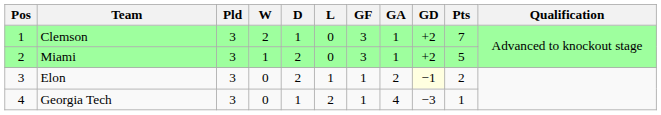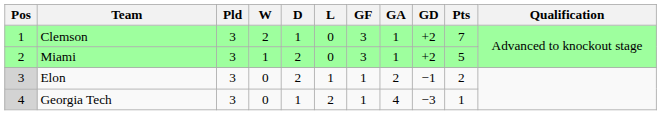 <table class="wikitable" style="text-align:center; margin: 1em auto">
 <tr>
 <th style="width:2em">Pos</th>
 <th style="width:13em">Team</th>
 <th style="width:2em">Pld</th>
 <th style="width:2em">W</th>
 <th style="width:2em">D</th>
 <th style="width:2em">L</th>
 <th style="width:2em">GF</th>
 <th style="width:2em">GA</th>
 <th style="width:2em">GD</th>
 <th style="width:2em">Pts</th>
 <th style="width:13em">Qualification</th>
 </tr>
 <tr bgcolor="#9eff9e">
 <td>1</td>
 <td style="text-align:left">Clemson</td>
 <td>3</td>
 <td>2</td>
 <td>1</td>
 <td>0</td>
 <td>3</td>
 <td>1</td>
 <td>+2</td>
 <td>7</td>
 <td rowspan="2">Advanced to knockout stage</td>
 </tr>
 <tr bgcolor="#9eff9e">
 <td>2</td>
 <td style="text-align:left">Miami</td>
 <td>3</td>
 <td>1</td>
 <td>2</td>
 <td>0</td>
 <td>3</td>
 <td>1</td>
 <td>+2</td>
 <td>5</td>
 </tr>
 <tr>
-<td>3</td>
+<td style="background: lightgrey;">3</td>
 <td style="text-align:left">Elon</td>
 <td>3</td>
 <td>0</td>
 <td>2</td>
 <td>1</td>
 <td>1</td>
 <td>2</td>
-<td style="background: lightyellow;">−1</td>
+<td>−1</td>
 <td>2</td>
 <td rowspan="2"></td>
 </tr>
 <tr>
-<td>4</td>
+<td style="background: lightgrey;">4</td>
 <td style="text-align:left">Georgia Tech</td>
 <td>3</td>
 <td>0</td>
 <td>1</td>
 <td>2</td>
 <td>1</td>
 <td>4</td>
 <td>−3</td>
 <td>1</td>
 </tr>
 </table>
